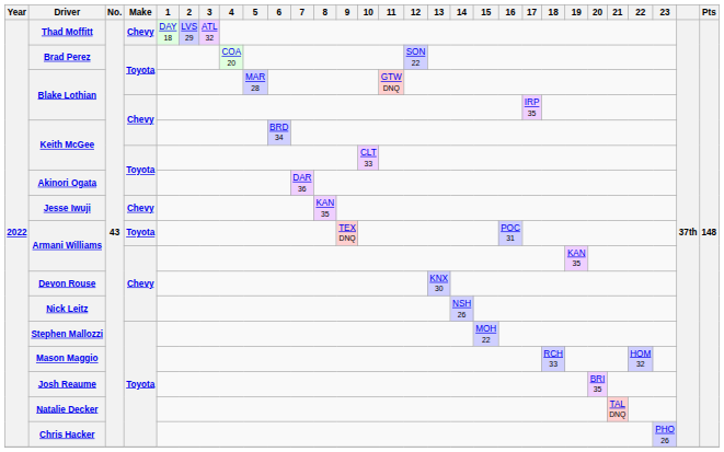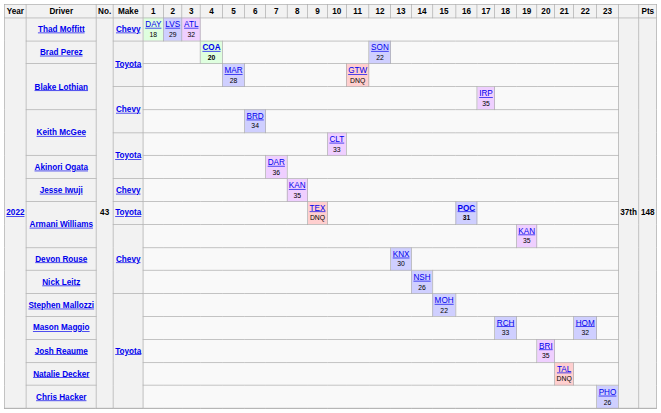 <table class="wikitable" style="text-align:center; font-size:75%">
 <tr>
 <th>Year</th>
 <th>Driver</th>
 <th>No.</th>
 <th>Make</th>
 <th>1</th>
 <th>2</th>
 <th>3</th>
 <th>4</th>
 <th>5</th>
 <th>6</th>
 <th>7</th>
 <th>8</th>
 <th>9</th>
 <th>10</th>
 <th>11</th>
 <th>12</th>
 <th>13</th>
 <th>14</th>
 <th>15</th>
 <th>16</th>
 <th>17</th>
 <th>18</th>
 <th>19</th>
 <th>20</th>
 <th>21</th>
 <th>22</th>
 <th>23</th>
 <th></th>
 <th>Pts</th>
 </tr>
 <tr>
 <th rowspan=17><a href='#'>2022</a></th>
 <th><a href='#'>Thad Moffitt</a></th>
 <th rowspan=17>43</th>
 <th><a href='#'>Chevy</a></th>
 <td style="background:#DFFFDF;"><a href='#'>DAY</a><br><small>18</small></td>
 <td style="background:#CFCFFF;"><a href='#'>LVS</a><br><small>29</small></td>
 <td style="background:#EFCFFF;"><a href='#'>ATL</a><br><small>32</small></td>
 <td colspan=20></td>
 <th rowspan=17>37th</th>
 <th rowspan=17>148</th>
 </tr>
 <tr>
 <th><a href='#'>Brad Perez</a></th>
 <th rowspan=2><a href='#'>Toyota</a></th>
 <td colspan=3></td>
-<td style="background:#DFFFDF;"><a href='#'>COA</a><br><small>20</small></td>
+<td style="background:#DFFFDF;"><strong><a href='#'>COA</a><br><small>20</small></strong></td>
 <td colspan=7></td>
 <td style="background:#CFCFFF;"><a href='#'>SON</a><br><small>22</small></td>
 <td colspan=11></td>
 </tr>
 <tr>
 <th rowspan=2><a href='#'>Blake Lothian</a></th>
 <td colspan=4></td>
 <td style="background:#CFCFFF;"><a href='#'>MAR</a><br><small>28</small></td>
 <td colspan=5></td>
 <td style="background:#FFCFCF;"><a href='#'>GTW</a><br><small>DNQ</small></td>
 <td colspan=12></td>
 </tr>
 <tr>
 <th rowspan=2><a href='#'>Chevy</a></th>
 <td colspan=16></td>
 <td style="background:#EFCFFF;"><a href='#'>IRP</a><br><small>35</small></td>
 <td colspan=6></td>
 </tr>
 <tr>
 <th rowspan=2><a href='#'>Keith McGee</a></th>
 <td colspan=5></td>
 <td style="background:#CFCFFF;"><a href='#'>BRD</a><br><small>34</small></td>
 <td colspan=17></td>
 </tr>
 <tr>
 <th rowspan=2><a href='#'>Toyota</a></th>
 <td colspan=9></td>
 <td style="background:#EFCFFF;"><a href='#'>CLT</a><br><small>33</small></td>
 <td colspan=13></td>
 </tr>
 <tr>
 <th><a href='#'>Akinori Ogata</a></th>
 <td colspan=6></td>
 <td style="background:#EFCFFF;"><a href='#'>DAR</a><br><small>36</small></td>
 <td colspan=16></td>
 </tr>
 <tr>
 <th><a href='#'>Jesse Iwuji</a></th>
 <th><a href='#'>Chevy</a></th>
 <td colspan=7></td>
 <td style="background:#EFCFFF;"><a href='#'>KAN</a><br><small>35</small></td>
 <td colspan=15></td>
 </tr>
 <tr>
 <th rowspan=2><a href='#'>Armani Williams</a></th>
 <th><a href='#'>Toyota</a></th>
 <td colspan=8></td>
 <td style="background:#FFCFCF;"><a href='#'>TEX</a><br><small>DNQ</small></td>
 <td colspan=6></td>
-<td style="background:#CFCFFF;"><a href='#'>POC</a><br><small>31</small></td>
+<td style="background:#CFCFFF;"><strong><a href='#'>POC</a><br><small>31</small></strong></td>
 <td colspan=7></td>
 </tr>
 <tr>
 <th rowspan=3><a href='#'>Chevy</a></th>
 <td colspan=18></td>
 <td style="background:#EFCFFF;"><a href='#'>KAN</a><br><small>35</small></td>
 <td colspan=4></td>
 </tr>
 <tr>
 <th><a href='#'>Devon Rouse</a></th>
 <td colspan=12></td>
 <td style="background:#CFCFFF;"><a href='#'>KNX</a><br><small>30</small></td>
 <td colspan=10></td>
 </tr>
 <tr>
 <th><a href='#'>Nick Leitz</a></th>
 <td colspan=13></td>
 <td style="background:#CFCFFF;"><a href='#'>NSH</a><br><small>26</small></td>
 <td colspan=9></td>
 </tr>
 <tr>
 <th><a href='#'>Stephen Mallozzi</a></th>
 <th rowspan=5><a href='#'>Toyota</a></th>
 <td colspan=14></td>
 <td style="background:#CFCFFF;"><a href='#'>MOH</a><br><small>22</small></td>
 <td colspan=8></td>
 </tr>
 <tr>
 <th><a href='#'>Mason Maggio</a></th>
 <td colspan=17></td>
 <td style="background:#CFCFFF;"><a href='#'>RCH</a><br><small>33</small></td>
 <td colspan=3></td>
 <td style="background:#CFCFFF;"><a href='#'>HOM</a><br><small>32</small></td>
 <td></td>
 </tr>
 <tr>
 <th><a href='#'>Josh Reaume</a></th>
 <td colspan=19></td>
 <td style="background:#EFCFFF;"><a href='#'>BRI</a><br><small>35</small></td>
 <td colspan=3></td>
 </tr>
 <tr>
 <th><a href='#'>Natalie Decker</a></th>
 <td colspan=20></td>
 <td style="background:#FFCFCF;"><a href='#'>TAL</a><br><small>DNQ</small></td>
 <td colspan=2></td>
 </tr>
 <tr>
 <th><a href='#'>Chris Hacker</a></th>
 <td colspan=22></td>
 <td style="background:#CFCFFF;"><a href='#'>PHO</a><br><small>26</small></td>
 </tr>
 <tr>
 </tr>
 </table>
